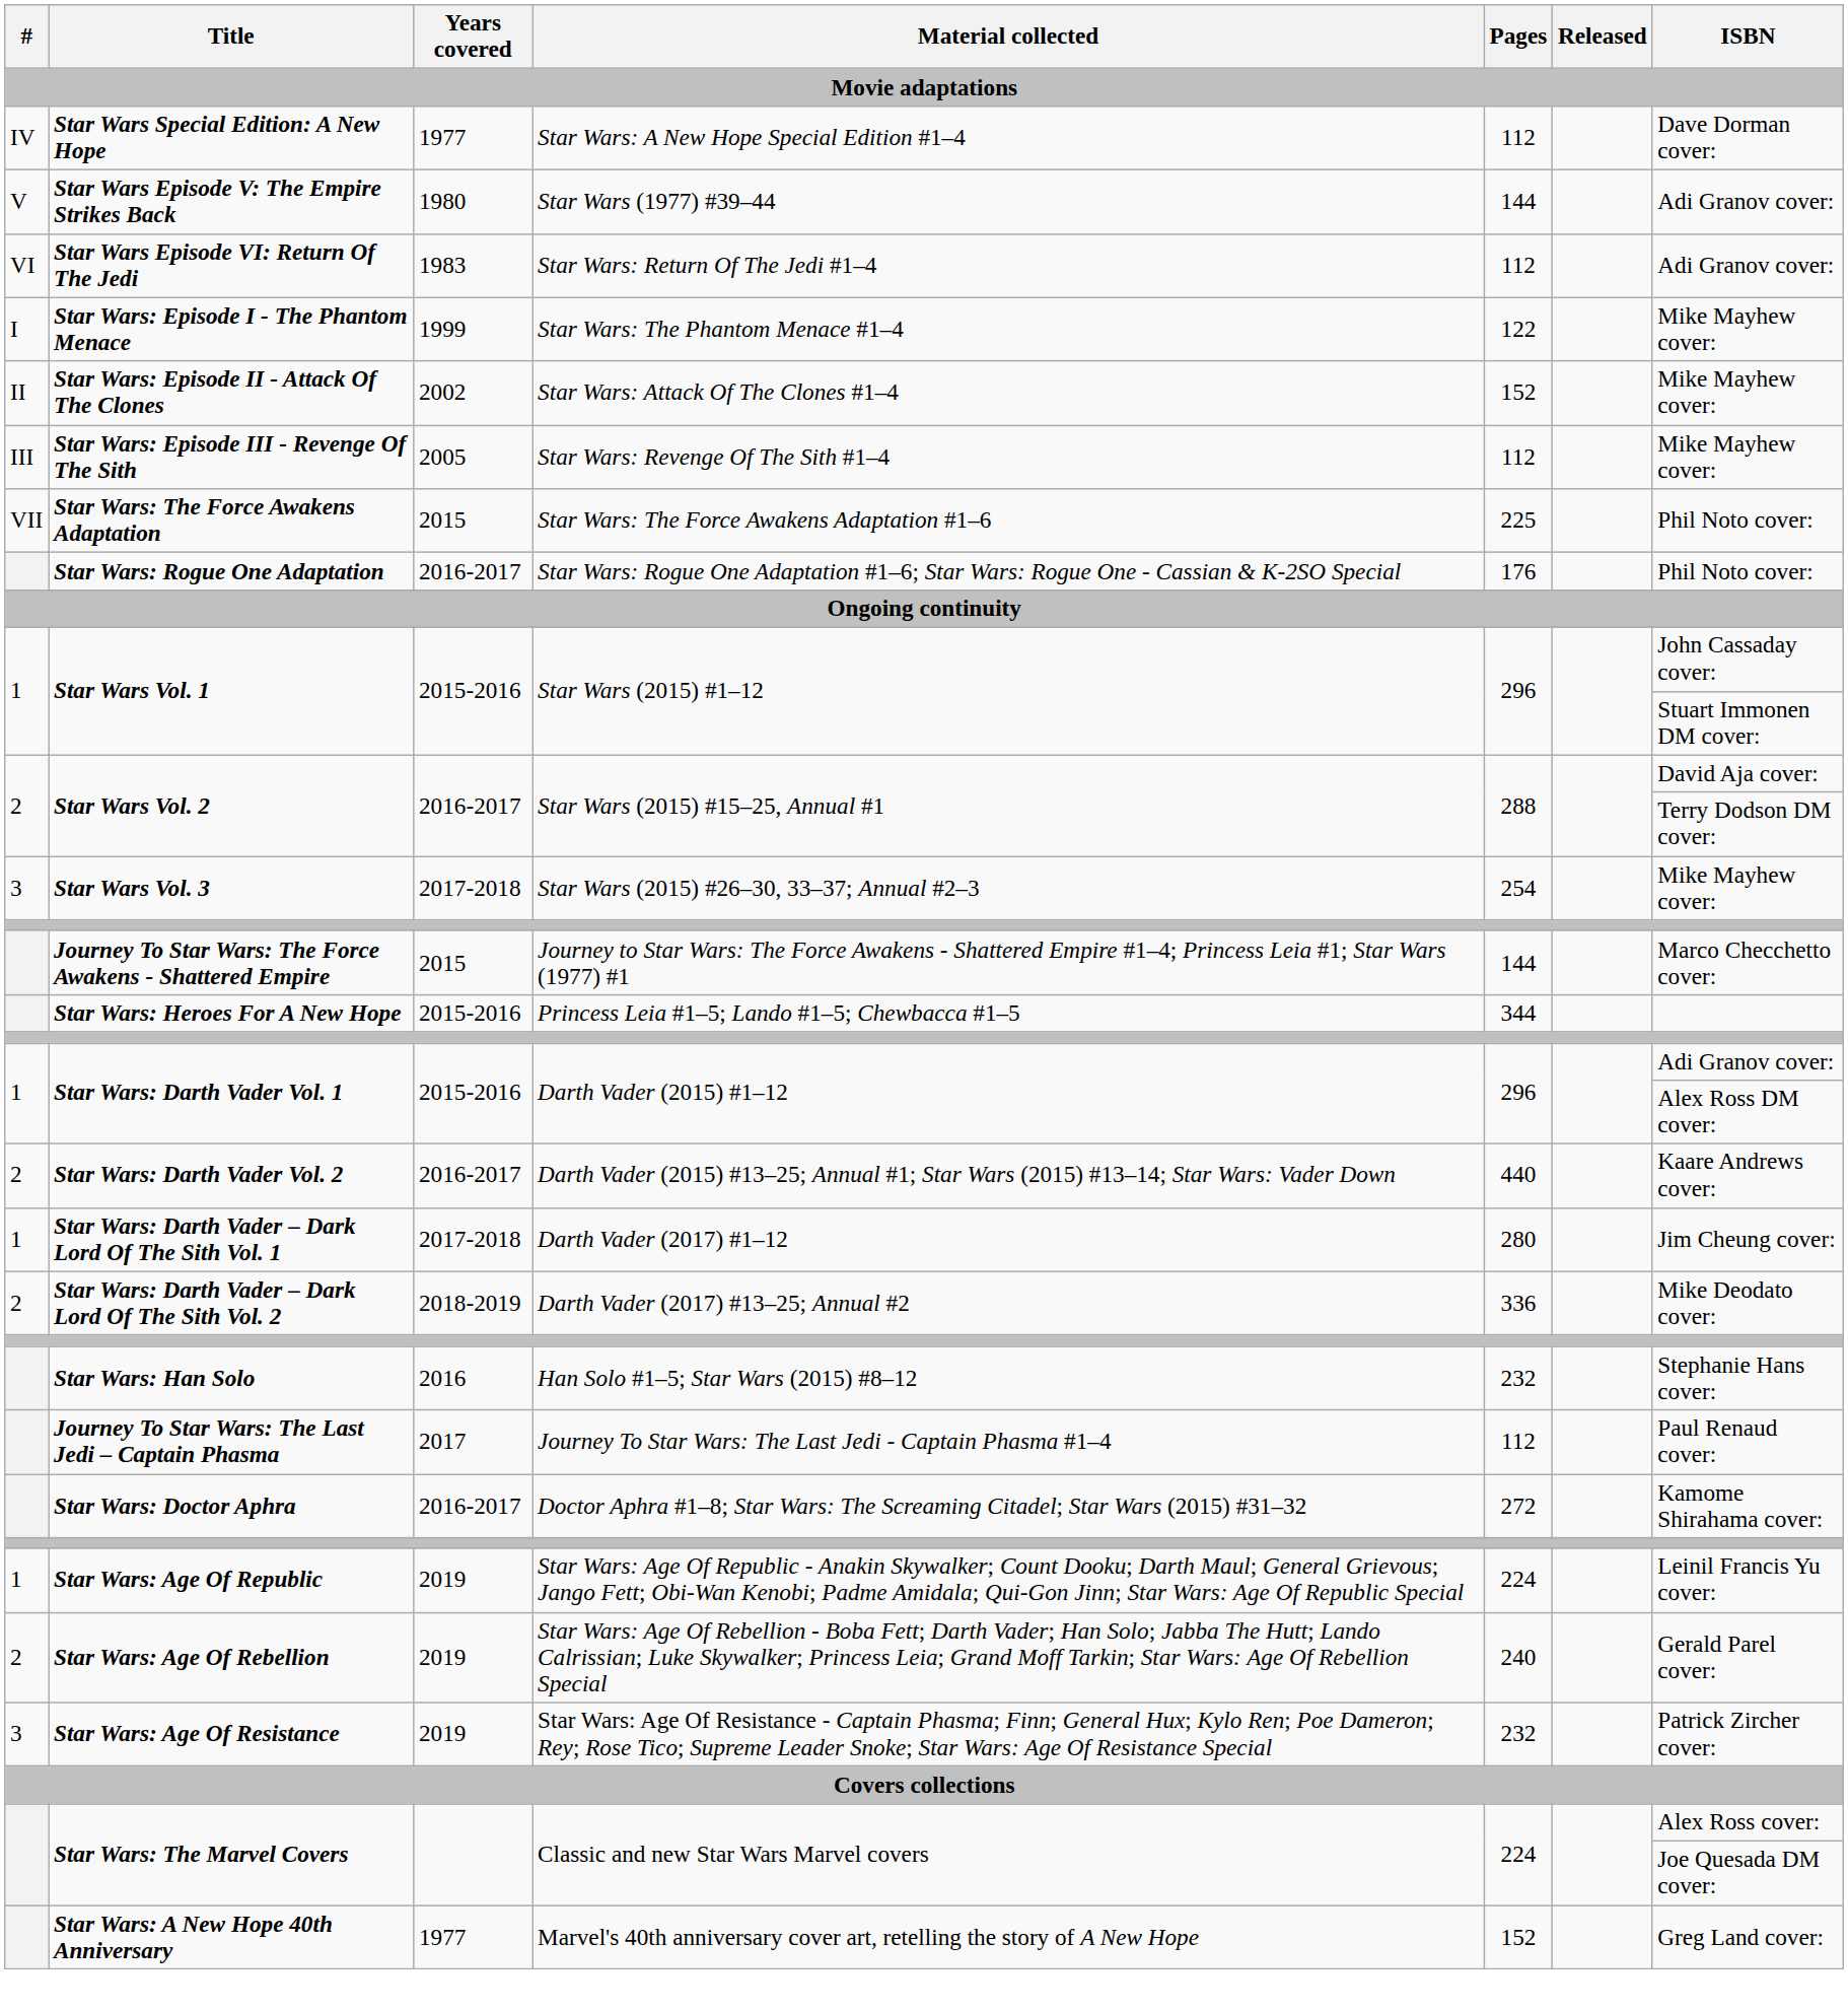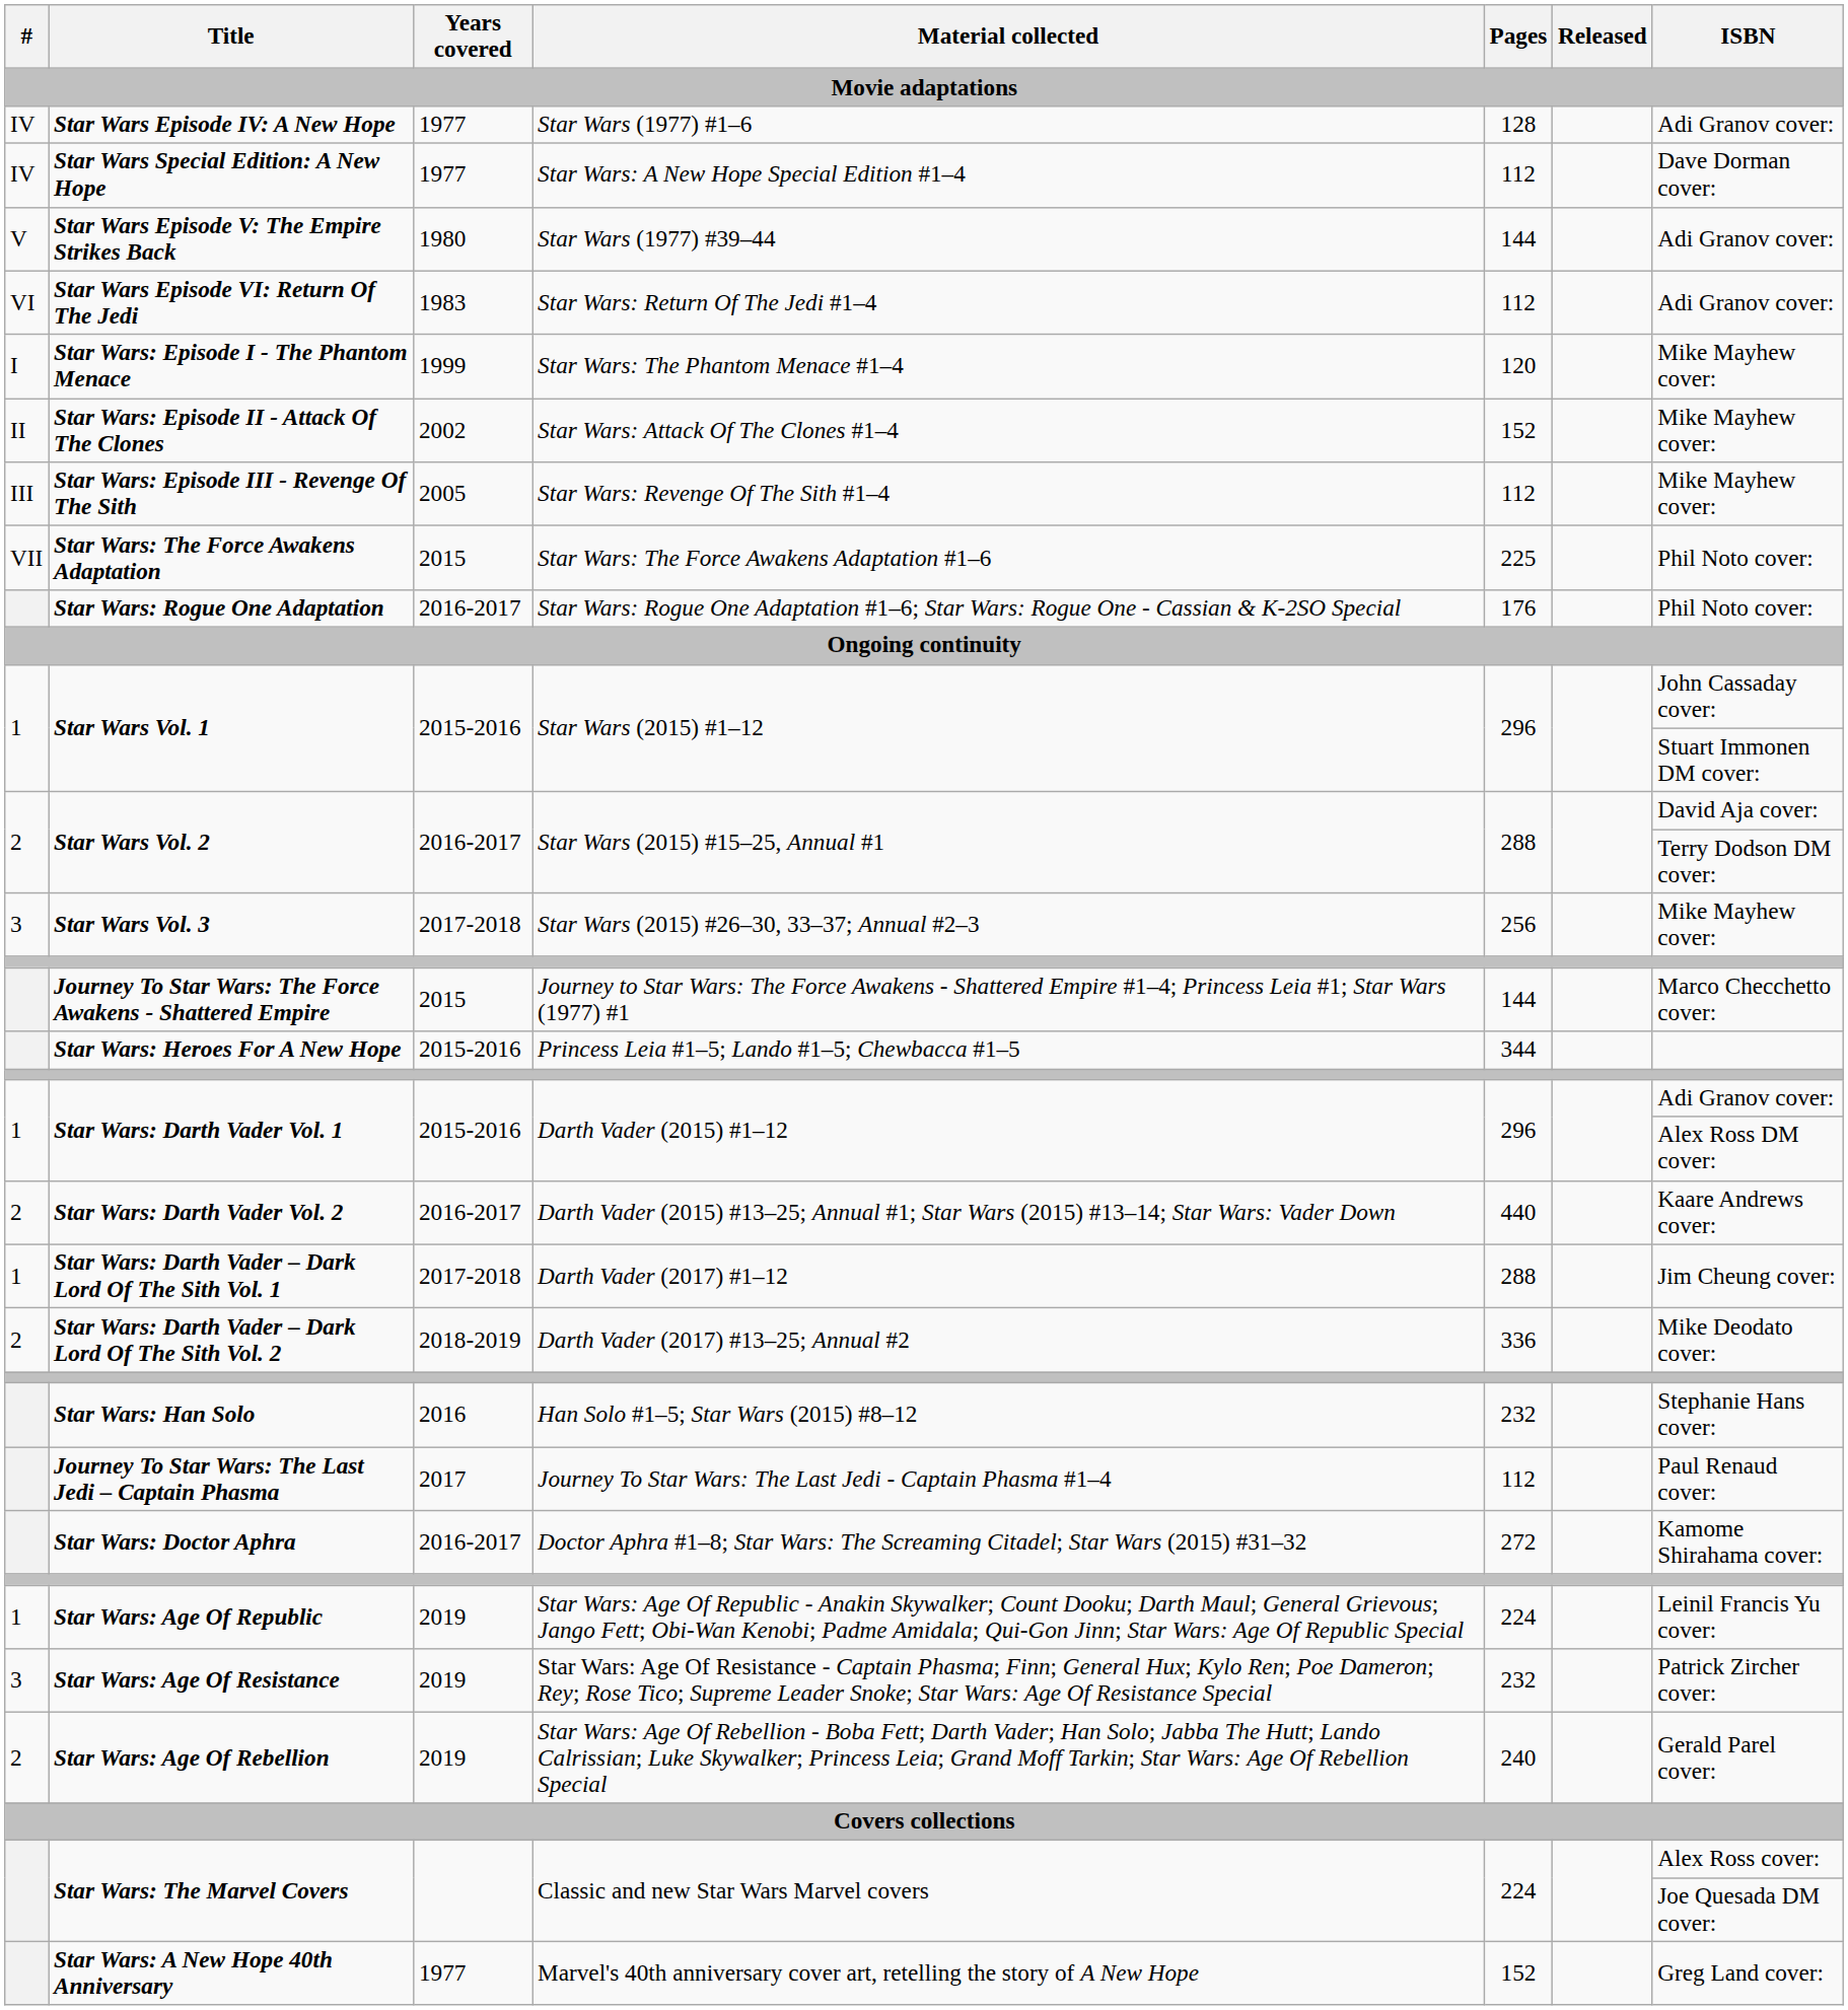 <table class="wikitable sortable" width=99%>
 <tr>
 <th class="unsortable" width=20px>#</th>
 <th>Title</th>
 <th>Years covered</th>
 <th class="unsortable">Material collected</th>
 <th>Pages</th>
 <th>Released</th>
 <th class="unsortable">ISBN</th>
 </tr>
 <tr>
 <th colspan=7 style="background-color: silver;">Movie adaptations</th>
+</tr>
+<tr>
+<td>IV</td>
+<td><strong><em>Star Wars Episode IV: A New Hope</em></strong></td>
+<td>1977</td>
+<td><em>Star Wars</em> (1977) #1–6</td>
+<td style="text-align: center;">128</td>
+<td></td>
+<td>Adi Granov cover: </td>
 </tr>
 <tr>
 <td>IV</td>
 <td><strong><em>Star Wars Special Edition: A New Hope</em></strong></td>
 <td>1977</td>
 <td><em>Star Wars: A New Hope Special Edition</em> #1–4</td>
 <td style="text-align: center;">112</td>
 <td></td>
 <td>Dave Dorman cover: </td>
 </tr>
 <tr>
 <td>V</td>
 <td><strong><em>Star Wars Episode V: The Empire Strikes Back</em></strong></td>
 <td>1980</td>
 <td><em>Star Wars</em> (1977) #39–44</td>
 <td style="text-align: center;">144</td>
 <td></td>
 <td>Adi Granov cover: </td>
 </tr>
 <tr>
 <td>VI</td>
 <td><strong><em>Star Wars Episode VI: Return Of The Jedi</em></strong></td>
 <td>1983</td>
 <td><em>Star Wars: Return Of The Jedi</em> #1–4</td>
 <td style="text-align: center;">112</td>
 <td></td>
 <td>Adi Granov cover: </td>
 </tr>
 <tr>
 <td>I</td>
 <td><strong><em>Star Wars: Episode I - The Phantom Menace</em></strong></td>
 <td>1999</td>
 <td><em>Star Wars: The Phantom Menace</em> #1–4</td>
-<td style="text-align: center;">122</td>
+<td style="text-align: center;">120</td>
 <td></td>
 <td>Mike Mayhew cover: </td>
 </tr>
 <tr>
 <td>II</td>
 <td><strong><em>Star Wars: Episode II - Attack Of The Clones</em></strong></td>
 <td>2002</td>
 <td><em>Star Wars: Attack Of The Clones</em> #1–4</td>
 <td style="text-align: center;">152</td>
 <td></td>
 <td>Mike Mayhew cover: </td>
 </tr>
 <tr>
 <td>III</td>
 <td><strong><em>Star Wars: Episode III - Revenge Of The Sith</em></strong></td>
 <td>2005</td>
 <td><em>Star Wars: Revenge Of The Sith</em> #1–4</td>
 <td style="text-align: center;">112</td>
 <td></td>
 <td>Mike Mayhew cover: </td>
 </tr>
 <tr>
 <td>VII</td>
 <td><strong><em>Star Wars: The Force Awakens Adaptation</em></strong></td>
 <td>2015</td>
 <td><em>Star Wars: The Force Awakens Adaptation</em> #1–6</td>
 <td style="text-align: center;">225</td>
 <td></td>
 <td>Phil Noto cover: </td>
 </tr>
 <tr>
 <th style="background-color: light grey;"></th>
 <td><strong><em>Star Wars: Rogue One Adaptation</em></strong></td>
 <td>2016-2017</td>
 <td><em>Star Wars: Rogue One Adaptation</em> #1–6; <em>Star Wars: Rogue One - Cassian & K-2SO Special</em></td>
 <td style="text-align: center;">176</td>
 <td></td>
 <td>Phil Noto cover: </td>
 </tr>
 <tr>
 <th colspan=7 style="background-color: silver;">Ongoing continuity</th>
 </tr>
 <tr>
 <td rowspan="2">1</td>
 <td rowspan="2"><strong><em>Star Wars Vol. 1</em></strong></td>
 <td rowspan="2">2015-2016</td>
 <td rowspan="2"><em>Star Wars</em> (2015) #1–12</td>
 <td rowspan="2" style="text-align: center;">296</td>
 <td rowspan="2"></td>
 <td>John Cassaday cover: </td>
 </tr>
 <tr>
 <td>Stuart Immonen DM cover: </td>
 </tr>
 <tr>
 <td rowspan="2">2</td>
 <td rowspan="2"><strong><em>Star Wars Vol. 2</em></strong></td>
 <td rowspan="2">2016-2017</td>
 <td rowspan="2"><em>Star Wars</em> (2015) #15–25, <em>Annual</em> #1</td>
 <td rowspan="2" style="text-align: center;">288</td>
 <td rowspan="2"></td>
 <td>David Aja cover: </td>
 </tr>
 <tr>
 <td>Terry Dodson DM cover: </td>
 </tr>
 <tr>
 <td>3</td>
 <td><strong><em>Star Wars Vol. 3</em></strong></td>
 <td>2017-2018</td>
 <td><em>Star Wars</em> (2015) #26–30, 33–37; <em>Annual</em> #2–3</td>
-<td style="text-align: center;">254</td>
+<td style="text-align: center;">256</td>
 <td></td>
 <td>Mike Mayhew cover: </td>
 </tr>
 <tr>
 <th colspan=7 style="background-color: silver;"></th>
 </tr>
 <tr>
 <th style="background-color: light grey;"></th>
 <td><strong><em>Journey To Star Wars: The Force Awakens - Shattered Empire</em></strong></td>
 <td>2015</td>
 <td><em>Journey to Star Wars: The Force Awakens - Shattered Empire</em> #1–4; <em>Princess Leia</em> #1; <em>Star Wars</em> (1977) #1</td>
 <td style="text-align: center;">144</td>
 <td></td>
 <td>Marco Checchetto cover: </td>
 </tr>
 <tr>
 <th style="background-color: light grey;"></th>
 <td><strong><em>Star Wars: Heroes For A New Hope</em></strong></td>
 <td>2015-2016</td>
 <td><em>Princess Leia</em> #1–5; <em>Lando</em> #1–5; <em>Chewbacca</em> #1–5</td>
 <td style="text-align: center;">344</td>
 <td></td>
 <td></td>
 </tr>
 <tr>
 <th colspan=7 style="background-color: silver;"></th>
 </tr>
 <tr>
 <td rowspan="2">1</td>
 <td rowspan="2"><strong><em>Star Wars: Darth Vader Vol. 1</em></strong></td>
 <td rowspan="2">2015-2016</td>
 <td rowspan="2"><em>Darth Vader</em> (2015) #1–12</td>
 <td rowspan="2" style="text-align: center;">296</td>
 <td rowspan="2"></td>
 <td>Adi Granov cover: </td>
 </tr>
 <tr>
 <td>Alex Ross DM cover: </td>
 </tr>
 <tr>
 <td>2</td>
 <td><strong><em>Star Wars: Darth Vader Vol. 2</em></strong></td>
 <td>2016-2017</td>
 <td><em>Darth Vader</em> (2015) #13–25; <em>Annual</em> #1; <em>Star Wars</em> (2015) #13–14; <em>Star Wars: Vader Down</em></td>
 <td style="text-align: center;">440</td>
 <td></td>
 <td>Kaare Andrews cover: </td>
 </tr>
 <tr>
 <td>1</td>
 <td><strong><em>Star Wars: Darth Vader – Dark Lord Of The Sith Vol. 1</em></strong></td>
 <td>2017-2018</td>
 <td><em>Darth Vader</em> (2017) #1–12</td>
-<td style="text-align: center;">280</td>
+<td style="text-align: center;">288</td>
 <td></td>
 <td>Jim Cheung cover: </td>
 </tr>
 <tr>
 <td>2</td>
 <td><strong><em>Star Wars: Darth Vader – Dark Lord Of The Sith Vol. 2</em></strong></td>
 <td>2018-2019</td>
 <td><em>Darth Vader</em> (2017) #13–25; <em>Annual</em> #2</td>
 <td style="text-align: center;">336</td>
 <td></td>
 <td>Mike Deodato cover: </td>
 </tr>
 <tr>
 <th colspan=7 style="background-color: silver;"></th>
 </tr>
 <tr>
 <th style="background-color: light grey;"></th>
 <td><strong><em>Star Wars: Han Solo</em></strong></td>
 <td>2016</td>
 <td><em>Han Solo</em> #1–5; <em>Star Wars</em> (2015) #8–12</td>
 <td style="text-align: center;">232</td>
 <td></td>
 <td>Stephanie Hans cover: </td>
 </tr>
 <tr>
 <th style="background-color: light grey;"></th>
 <td><strong><em>Journey To Star Wars: The Last Jedi – Captain Phasma</em></strong></td>
 <td>2017</td>
 <td><em>Journey To Star Wars: The Last Jedi - Captain Phasma</em> #1–4</td>
 <td style="text-align: center;">112</td>
 <td></td>
 <td>Paul Renaud cover: </td>
 </tr>
 <tr>
 <th style="background-color: light grey;"></th>
 <td><strong><em>Star Wars: Doctor Aphra</em></strong></td>
 <td>2016-2017</td>
 <td><em>Doctor Aphra</em> #1–8; <em>Star Wars: The Screaming Citadel</em>; <em>Star Wars</em> (2015) #31–32</td>
 <td style="text-align: center;">272</td>
 <td></td>
 <td>Kamome Shirahama cover: </td>
 </tr>
 <tr>
 <th colspan=7 style="background-color: silver;"></th>
 </tr>
 <tr>
 <td>1</td>
 <td><strong><em>Star Wars: Age Of Republic</em></strong></td>
 <td>2019</td>
 <td><em>Star Wars: Age Of Republic - Anakin Skywalker</em>; <em>Count Dooku</em>; <em>Darth Maul</em>; <em>General Grievous</em>; <em>Jango Fett</em>; <em>Obi-Wan Kenobi</em>; <em>Padme Amidala</em>; <em>Qui-Gon Jinn</em>; <em>Star Wars: Age Of Republic Special</em></td>
 <td style="text-align: center;">224</td>
 <td></td>
 <td>Leinil Francis Yu cover: </td>
 </tr>
 <tr>
+<td>3</td>
+<td><strong><em>Star Wars: Age Of Resistance</em></strong></td>
+<td>2019</td>
+<td>Star Wars: Age Of Resistance - <em>Captain Phasma</em>; <em>Finn</em>; <em>General Hux</em>; <em>Kylo Ren</em>; <em>Poe Dameron</em>; <em>Rey</em>; <em>Rose Tico</em>; <em>Supreme Leader Snoke</em>; <em>Star Wars: Age Of Resistance Special</em></td>
+<td style="text-align: center;">232</td>
+<td></td>
+<td>Patrick Zircher cover: </td>
+</tr>
+<tr>
 <td>2</td>
 <td><strong><em>Star Wars: Age Of Rebellion</em></strong></td>
 <td>2019</td>
 <td><em>Star Wars: Age Of Rebellion - Boba Fett</em>; <em>Darth Vader</em>; <em>Han Solo</em>; <em>Jabba The Hutt</em>; <em>Lando Calrissian</em>; <em>Luke Skywalker</em>; <em>Princess Leia</em>; <em>Grand Moff Tarkin</em>; <em>Star Wars: Age Of Rebellion Special</em></td>
 <td style="text-align: center;">240</td>
 <td></td>
 <td>Gerald Parel cover: </td>
-</tr>
-<tr>
-<td>3</td>
-<td><strong><em>Star Wars: Age Of Resistance</em></strong></td>
-<td>2019</td>
-<td>Star Wars: Age Of Resistance - <em>Captain Phasma</em>; <em>Finn</em>; <em>General Hux</em>; <em>Kylo Ren</em>; <em>Poe Dameron</em>; <em>Rey</em>; <em>Rose Tico</em>; <em>Supreme Leader Snoke</em>; <em>Star Wars: Age Of Resistance Special</em></td>
-<td style="text-align: center;">232</td>
-<td></td>
-<td>Patrick Zircher cover: </td>
 </tr>
 <tr>
 <th colspan=7 style="background-color: silver;">Covers collections</th>
 </tr>
 <tr>
 <th style="background-color: light grey;" rowspan=2></th>
 <td rowspan="2"><strong><em>Star Wars: The Marvel Covers</em></strong></td>
 <td rowspan="2" ! style="background-color: light grey;"></td>
 <td rowspan="2">Classic and new Star Wars Marvel covers</td>
 <td rowspan="2" style="text-align: center;">224</td>
 <td rowspan="2"></td>
 <td>Alex Ross cover: </td>
 </tr>
 <tr>
 <td>Joe Quesada DM cover: </td>
 </tr>
 <tr>
 <th style="background-color: light grey;"></th>
 <td><strong><em>Star Wars: A New Hope 40th Anniversary</em></strong></td>
 <td>1977</td>
 <td>Marvel's 40th anniversary cover art, retelling the story of <em>A New Hope</em></td>
 <td style="text-align: center;">152</td>
 <td></td>
 <td>Greg Land cover: </td>
 </tr>
 </table>
